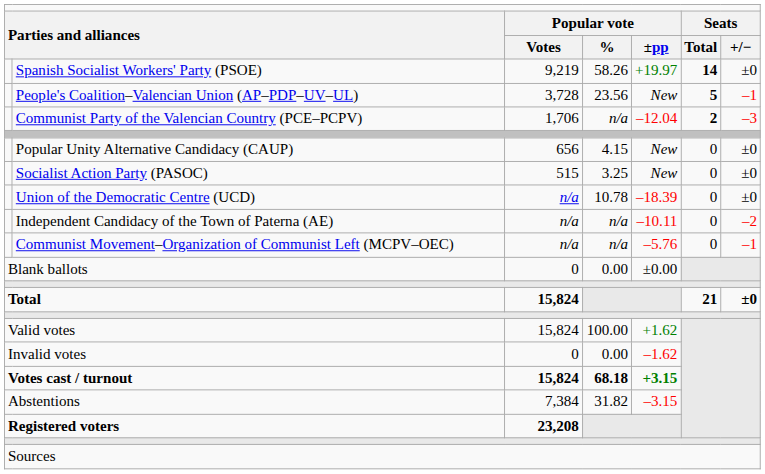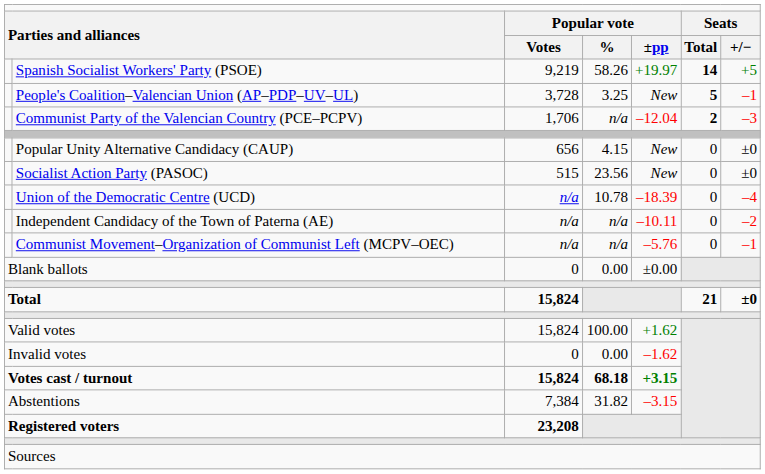 <table class="wikitable" style="text-align:right;">
 <tr>
 <td colspan="7"></td>
 </tr>
 <tr>
 <th style="text-align:left;" rowspan="2" colspan="2" width="525">Parties and alliances</th>
 <th colspan="3">Popular vote</th>
 <th colspan="2">Seats</th>
 </tr>
 <tr>
 <th width="75">Votes</th>
 <th width="45">%</th>
 <th width="45">±<a href='#'>pp</a></th>
 <th width="35">Total</th>
 <th width="35">+/−</th>
 </tr>
 <tr>
 <td width="1" style="color:inherit;background:"></td>
 <td align="left"><a href='#'>Spanish Socialist Workers' Party</a> (PSOE)</td>
 <td>9,219</td>
 <td>58.26</td>
 <td style="color:green;">+19.97</td>
 <td><strong>14</strong></td>
-<td>±0</td>
+<td style="color:green;">+5</td>
 </tr>
 <tr>
 <td style="color:inherit;background:"></td>
 <td align="left"><a href='#'>People's Coalition</a>–<a href='#'>Valencian Union</a> (<a href='#'>AP</a>–<a href='#'>PDP</a>–<a href='#'>UV</a>–<a href='#'>UL</a>)</td>
 <td>3,728</td>
-<td>23.56</td>
+<td>3.25</td>
 <td><em>New</em></td>
 <td><strong>5</strong></td>
 <td style="color:red;">–1</td>
 </tr>
 <tr>
 <td style="color:inherit;background:"></td>
 <td align="left"><a href='#'>Communist Party of the Valencian Country</a> (PCE–PCPV)</td>
 <td>1,706</td>
 <td><em>n/a</em></td>
 <td style="color:red;">–12.04</td>
 <td><strong>2</strong></td>
 <td style="color:red;">–3</td>
 </tr>
 <tr>
 <td colspan="7" bgcolor="#C0C0C0"></td>
 </tr>
 <tr>
 <td style="color:inherit;background:"></td>
 <td align="left">Popular Unity Alternative Candidacy (CAUP)</td>
 <td>656</td>
 <td>4.15</td>
 <td><em>New</em></td>
 <td>0</td>
 <td>±0</td>
 </tr>
 <tr>
 <td style="color:inherit;background:"></td>
 <td align="left"><a href='#'>Socialist Action Party</a> (PASOC)</td>
 <td>515</td>
-<td>3.25</td>
+<td>23.56</td>
 <td><em>New</em></td>
 <td>0</td>
 <td>±0</td>
 </tr>
 <tr>
 <td style="color:inherit;background:"></td>
 <td align="left"><a href='#'>Union of the Democratic Centre</a> (UCD)</td>
 <td><em><a href='#'>n/a</a></em></td>
 <td>10.78</td>
 <td style="color:red;">–18.39</td>
 <td>0</td>
-<td>±0</td>
+<td style="color:red;">–4</td>
 </tr>
 <tr>
 <td style="color:inherit;background:"></td>
 <td align="left">Independent Candidacy of the Town of Paterna (AE)</td>
 <td><em>n/a</em></td>
 <td><em>n/a</em></td>
 <td style="color:red;">–10.11</td>
 <td>0</td>
 <td style="color:red;">–2</td>
 </tr>
 <tr>
 <td style="color:inherit;background:"></td>
 <td align="left"><a href='#'>Communist Movement</a>–<a href='#'>Organization of Communist Left</a> (MCPV–OEC)</td>
 <td><em>n/a</em></td>
 <td><em>n/a</em></td>
 <td style="color:red;">–5.76</td>
 <td>0</td>
 <td style="color:red;">–1</td>
 </tr>
 <tr>
 <td align="left" colspan="2">Blank ballots</td>
 <td>0</td>
 <td>0.00</td>
 <td>±0.00</td>
 <td bgcolor="#E9E9E9" colspan="2"></td>
 </tr>
 <tr>
 <td colspan="7" bgcolor="#E9E9E9"></td>
 </tr>
 <tr style="font-weight:bold;">
 <td align="left" colspan="2">Total</td>
 <td>15,824</td>
 <td bgcolor="#E9E9E9" colspan="2"></td>
 <td>21</td>
 <td>±0</td>
 </tr>
 <tr>
 <td colspan="7" bgcolor="#E9E9E9"></td>
 </tr>
 <tr>
 <td align="left" colspan="2">Valid votes</td>
 <td>15,824</td>
 <td>100.00</td>
 <td style="color:green;">+1.62</td>
 <td bgcolor="#E9E9E9" colspan="2" rowspan="5"></td>
 </tr>
 <tr>
 <td align="left" colspan="2">Invalid votes</td>
 <td>0</td>
 <td>0.00</td>
 <td style="color:red;">–1.62</td>
 </tr>
 <tr style="font-weight:bold;">
 <td align="left" colspan="2">Votes cast / turnout</td>
 <td>15,824</td>
 <td>68.18</td>
 <td style="color:green;">+3.15</td>
 </tr>
 <tr>
 <td align="left" colspan="2">Abstentions</td>
 <td>7,384</td>
 <td>31.82</td>
 <td style="color:red;">–3.15</td>
 </tr>
 <tr style="font-weight:bold;">
 <td align="left" colspan="2">Registered voters</td>
 <td>23,208</td>
 <td bgcolor="#E9E9E9" colspan="2"></td>
 </tr>
 <tr>
 <td colspan="7" bgcolor="#E9E9E9"></td>
 </tr>
 <tr>
 <td align="left" colspan="7">Sources</td>
 </tr>
 </table>
